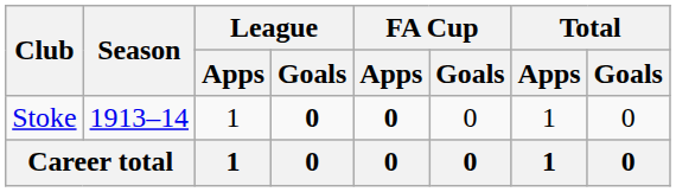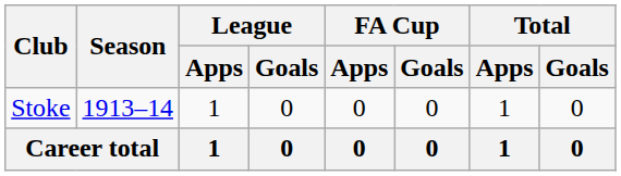 <table class="wikitable" style="text-align: center;">
 <tr>
 <th rowspan="2">Club</th>
 <th rowspan="2">Season</th>
 <th colspan="2">League</th>
 <th colspan="2">FA Cup</th>
 <th colspan="2">Total</th>
 </tr>
 <tr>
 <th>Apps</th>
 <th>Goals</th>
 <th>Apps</th>
 <th>Goals</th>
 <th>Apps</th>
 <th>Goals</th>
 </tr>
 <tr>
 <td><a href='#'>Stoke</a></td>
 <td><a href='#'>1913–14</a></td>
 <td>1</td>
-<td><strong>0</strong></td>
-<td><strong>0</strong></td>
+<td>0</td>
+<td>0</td>
 <td>0</td>
 <td>1</td>
 <td>0</td>
 </tr>
 <tr>
 <th colspan="2">Career total</th>
 <th>1</th>
 <th>0</th>
 <th>0</th>
 <th>0</th>
 <th>1</th>
 <th>0</th>
 </tr>
 </table>
